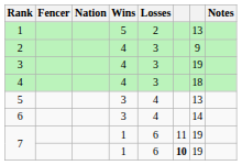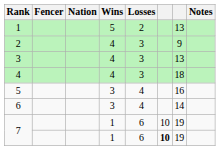 <table class="wikitable sortable" style="text-align: center;">
 <tr>
 <th>Rank</th>
 <th>Fencer</th>
 <th>Nation</th>
 <th>Wins</th>
 <th>Losses</th>
 <th></th>
 <th></th>
 <th>Notes</th>
 </tr>
 <tr style="background:#bbf3bb;">
 <td>1</td>
 <td align=left></td>
 <td align=left></td>
 <td>5</td>
 <td>2</td>
 <td></td>
 <td>13</td>
 <td></td>
 </tr>
 <tr style="background:#bbf3bb;">
 <td>2</td>
 <td align=left></td>
 <td align=left></td>
 <td>4</td>
 <td>3</td>
 <td></td>
 <td>9</td>
 <td></td>
 </tr>
 <tr style="background:#bbf3bb;">
 <td>3</td>
 <td align=left></td>
 <td align=left></td>
 <td>4</td>
 <td>3</td>
 <td></td>
-<td>19</td>
+<td>13</td>
 <td></td>
 </tr>
 <tr style="background:#bbf3bb;">
 <td>4</td>
 <td align=left></td>
 <td align=left></td>
 <td>4</td>
 <td>3</td>
 <td></td>
 <td>18</td>
 <td></td>
 </tr>
 <tr>
 <td>5</td>
 <td align=left></td>
 <td align=left></td>
 <td>3</td>
 <td>4</td>
 <td></td>
-<td>13</td>
+<td>16</td>
 <td></td>
 </tr>
 <tr>
 <td>6</td>
 <td align=left></td>
 <td align=left></td>
 <td>3</td>
 <td>4</td>
 <td></td>
 <td>14</td>
 <td></td>
 </tr>
 <tr>
 <td rowspan=2>7</td>
 <td align=left></td>
 <td align=left></td>
 <td>1</td>
 <td>6</td>
-<td>11</td>
+<td>10</td>
 <td>19</td>
 <td></td>
 </tr>
 <tr>
 <td align=left></td>
 <td align=left></td>
 <td>1</td>
 <td>6</td>
 <td><strong>10</strong></td>
 <td>19</td>
 <td></td>
 </tr>
 </table>
